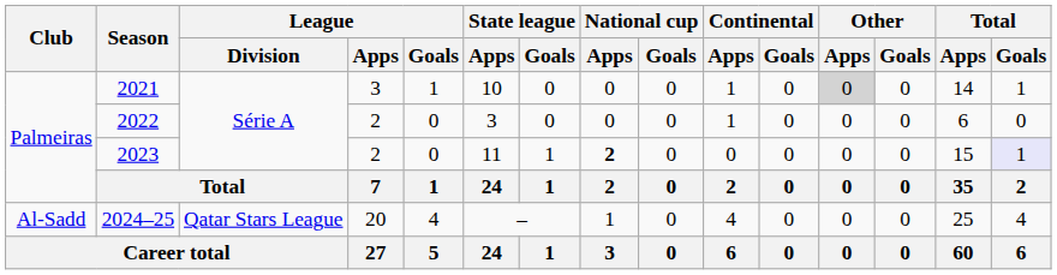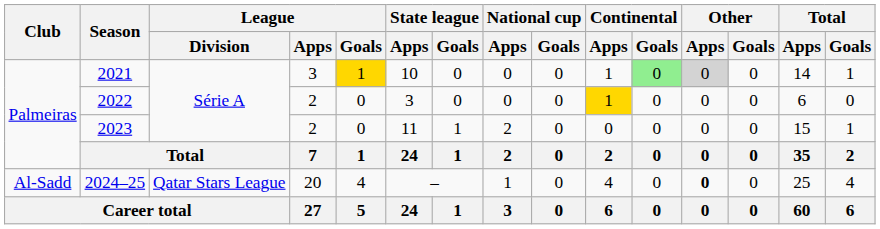 <table class="wikitable" style="text-align: center;">
 <tr>
 <th rowspan="2">Club</th>
 <th rowspan="2">Season</th>
 <th colspan="3">League</th>
 <th colspan="2">State league</th>
 <th colspan="2">National cup</th>
 <th colspan="2">Continental</th>
 <th colspan="2">Other</th>
 <th colspan="2">Total</th>
 </tr>
 <tr>
 <th>Division</th>
 <th>Apps</th>
 <th>Goals</th>
 <th>Apps</th>
 <th>Goals</th>
 <th>Apps</th>
 <th>Goals</th>
 <th>Apps</th>
 <th>Goals</th>
 <th>Apps</th>
 <th>Goals</th>
 <th>Apps</th>
 <th>Goals</th>
 </tr>
 <tr>
 <td rowspan="4"><a href='#'>Palmeiras</a></td>
 <td><a href='#'>2021</a></td>
 <td rowspan="3"><a href='#'>Série A</a></td>
 <td>3</td>
-<td>1</td>
+<td style="background: gold;">1</td>
 <td>10</td>
 <td>0</td>
 <td>0</td>
 <td>0</td>
 <td>1</td>
-<td>0</td>
+<td style="background: lightgreen;">0</td>
 <td style="background: lightgrey;">0</td>
 <td>0</td>
 <td>14</td>
 <td>1</td>
 </tr>
 <tr>
 <td><a href='#'>2022</a></td>
 <td>2</td>
 <td>0</td>
 <td>3</td>
 <td>0</td>
 <td>0</td>
 <td>0</td>
-<td>1</td>
+<td style="background: gold;">1</td>
 <td>0</td>
 <td>0</td>
 <td>0</td>
 <td>6</td>
 <td>0</td>
 </tr>
 <tr>
 <td><a href='#'>2023</a></td>
 <td>2</td>
 <td>0</td>
 <td>11</td>
 <td>1</td>
-<td><strong>2</strong></td>
+<td>2</td>
 <td>0</td>
 <td>0</td>
 <td>0</td>
 <td>0</td>
 <td>0</td>
 <td>15</td>
-<td style="background: lavender;">1</td>
+<td>1</td>
 </tr>
 <tr>
 <th colspan="2">Total</th>
 <th>7</th>
 <th>1</th>
 <th>24</th>
 <th>1</th>
 <th>2</th>
 <th>0</th>
 <th>2</th>
 <th>0</th>
 <th>0</th>
 <th>0</th>
 <th>35</th>
 <th>2</th>
 </tr>
 <tr>
 <td><a href='#'>Al-Sadd</a></td>
 <td><a href='#'>2024–25</a></td>
 <td><a href='#'>Qatar Stars League</a></td>
 <td>20</td>
 <td>4</td>
 <td colspan="2">–</td>
 <td>1</td>
 <td>0</td>
 <td>4</td>
 <td>0</td>
-<td>0</td>
+<td><strong>0</strong></td>
 <td>0</td>
 <td>25</td>
 <td>4</td>
 </tr>
 <tr>
 <th colspan="3">Career total</th>
 <th>27</th>
 <th>5</th>
 <th>24</th>
 <th>1</th>
 <th>3</th>
 <th>0</th>
 <th>6</th>
 <th>0</th>
 <th>0</th>
 <th>0</th>
 <th>60</th>
 <th>6</th>
 </tr>
 </table>
